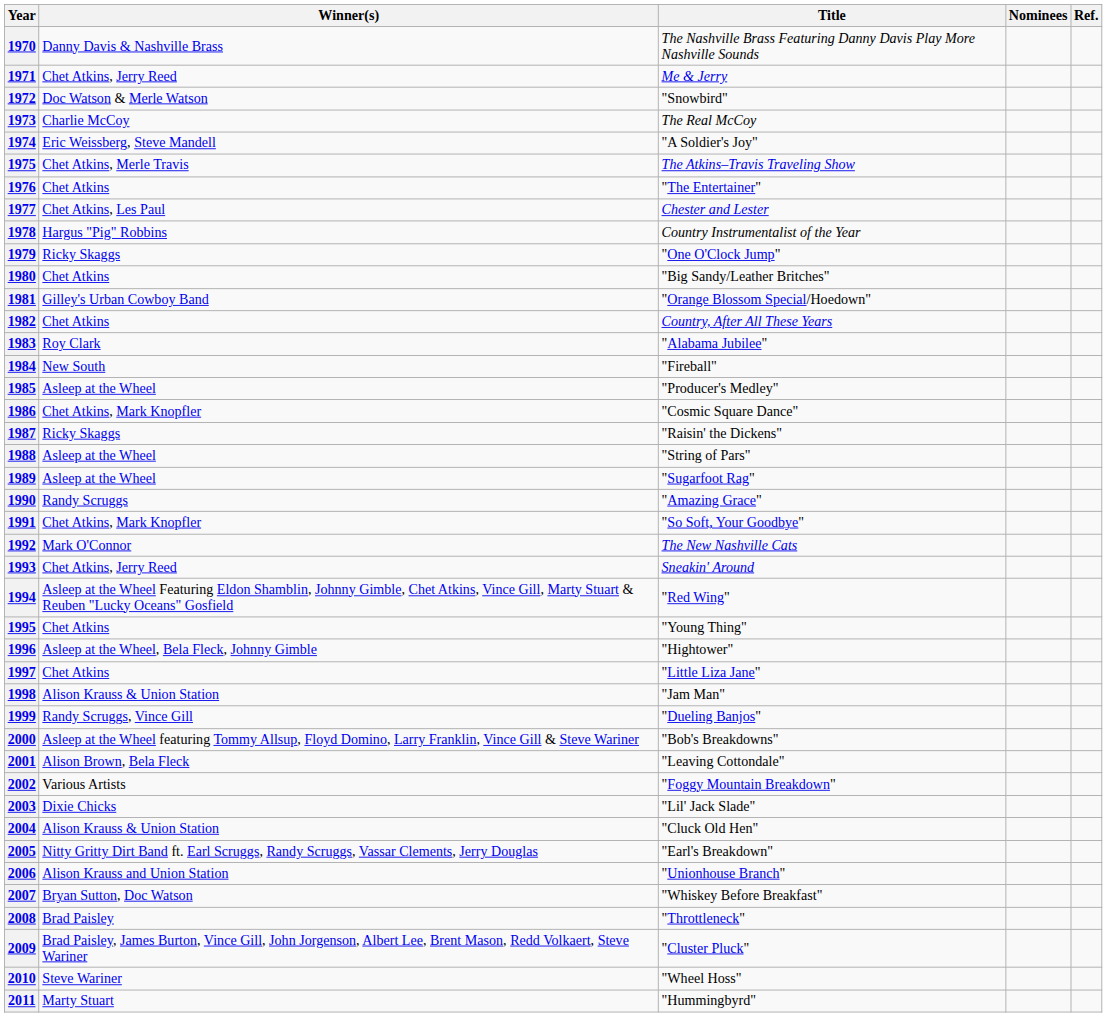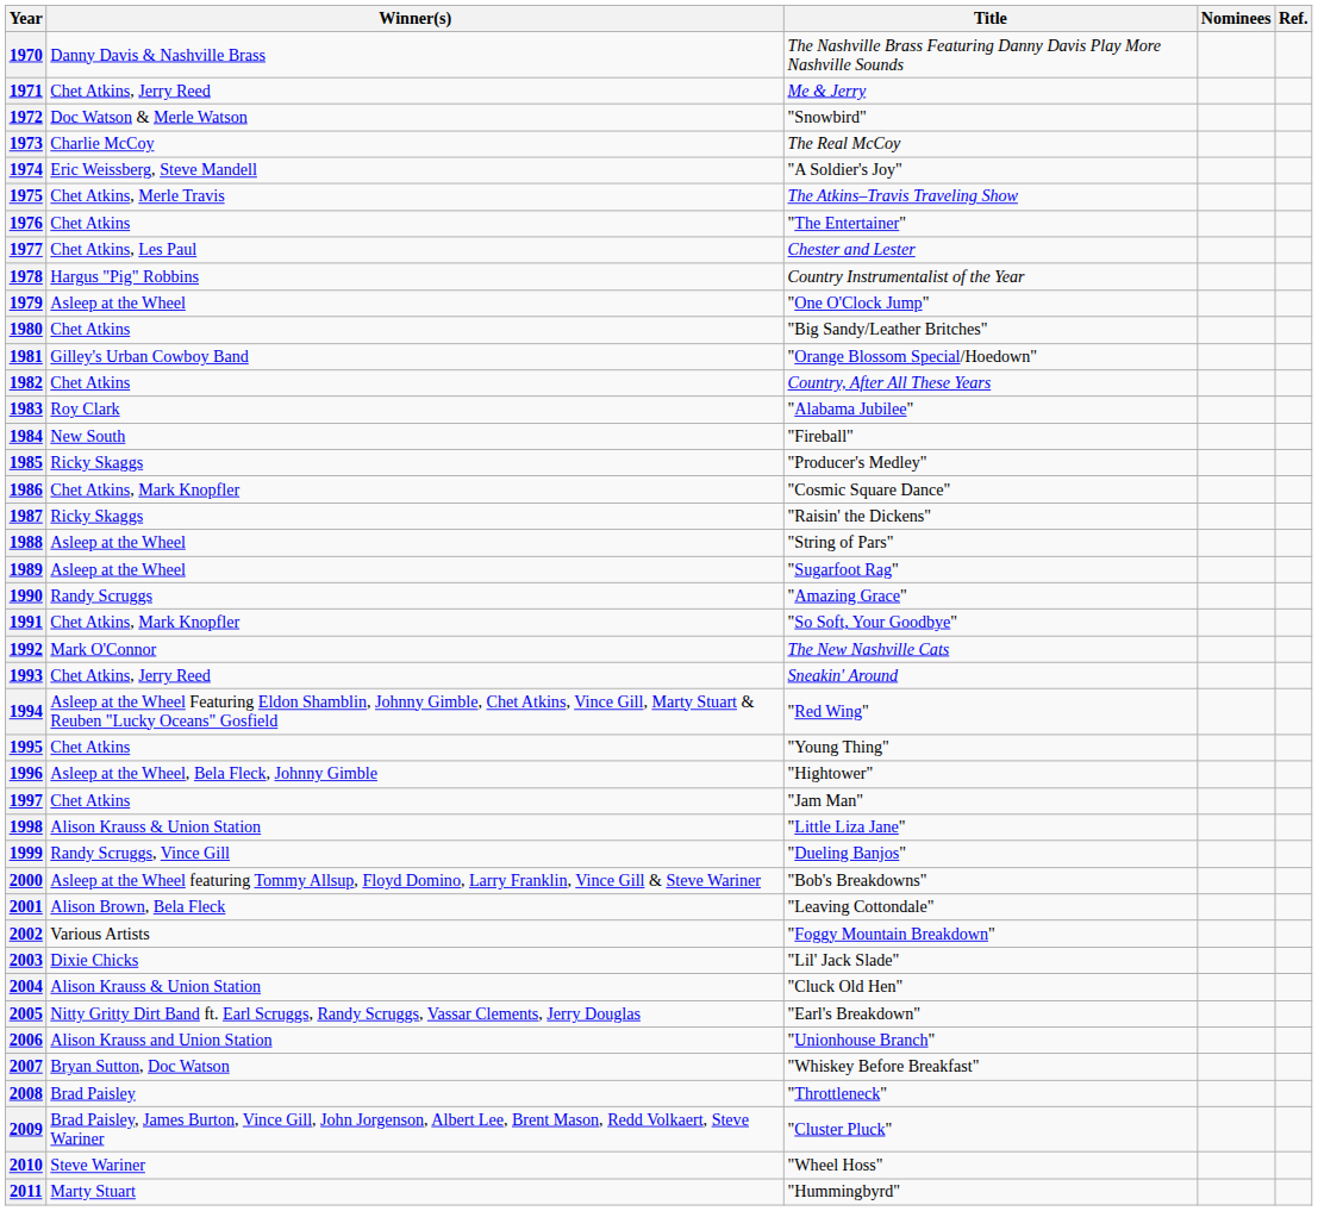 <table class="wikitable sortable">
 <tr>
 <th scope="col">Year</th>
 <th scope="col">Winner(s)</th>
 <th scope="col">Title</th>
 <th scope="col" class="unsortable">Nominees</th>
 <th scope="col" class="unsortable">Ref.</th>
 </tr>
 <tr>
 <th scope="row" align="center"><a href='#'>1970</a></th>
 <td><a href='#'>Danny Davis & Nashville Brass</a></td>
 <td><em>The Nashville Brass Featuring Danny Davis Play More Nashville Sounds</em></td>
 <td></td>
 <td align="center"></td>
 </tr>
 <tr>
 <th scope="row" align="center"><a href='#'>1971</a></th>
 <td><a href='#'>Chet Atkins</a>, <a href='#'>Jerry Reed</a></td>
 <td><em><a href='#'>Me & Jerry</a></em></td>
 <td></td>
 <td align="center"></td>
 </tr>
 <tr>
 <th scope="row" align="center"><a href='#'>1972</a></th>
 <td><a href='#'>Doc Watson</a> & <a href='#'>Merle Watson</a></td>
 <td>"Snowbird"</td>
 <td></td>
 <td align="center"></td>
 </tr>
 <tr>
 <th scope="row" align="center"><a href='#'>1973</a></th>
 <td><a href='#'>Charlie McCoy</a></td>
 <td><em>The Real McCoy</em></td>
 <td></td>
 <td align="center"></td>
 </tr>
 <tr>
 <th scope="row" align="center"><a href='#'>1974</a></th>
 <td><a href='#'>Eric Weissberg</a>, <a href='#'>Steve Mandell</a></td>
 <td>"A Soldier's Joy"</td>
 <td></td>
 <td align="center"></td>
 </tr>
 <tr>
 <th scope="row" align="center"><a href='#'>1975</a></th>
 <td><a href='#'>Chet Atkins</a>, <a href='#'>Merle Travis</a></td>
 <td><em><a href='#'>The Atkins–Travis Traveling Show</a></em></td>
 <td></td>
 <td align="center"></td>
 </tr>
 <tr>
 <th scope="row" align="center"><a href='#'>1976</a></th>
 <td><a href='#'>Chet Atkins</a></td>
 <td>"<a href='#'>The Entertainer</a>"</td>
 <td></td>
 <td align="center"></td>
 </tr>
 <tr>
 <th scope="row" align="center"><a href='#'>1977</a></th>
 <td><a href='#'>Chet Atkins</a>, <a href='#'>Les Paul</a></td>
 <td><em><a href='#'>Chester and Lester</a></em></td>
 <td></td>
 <td align="center"></td>
 </tr>
 <tr>
 <th scope="row" align="center"><a href='#'>1978</a></th>
 <td><a href='#'>Hargus "Pig" Robbins</a></td>
 <td><em>Country Instrumentalist of the Year</em></td>
 <td></td>
 <td align="center"></td>
 </tr>
 <tr>
 <th scope="row" align="center"><a href='#'>1979</a></th>
-<td><a href='#'>Ricky Skaggs</a></td>
+<td><a href='#'>Asleep at the Wheel</a></td>
 <td>"<a href='#'>One O'Clock Jump</a>"</td>
 <td></td>
 <td align="center"></td>
 </tr>
 <tr>
 <th scope="row" align="center"><a href='#'>1980</a></th>
 <td><a href='#'>Chet Atkins</a></td>
 <td>"Big Sandy/Leather Britches"</td>
 <td></td>
 <td align="center"></td>
 </tr>
 <tr>
 <th scope="row" align="center"><a href='#'>1981</a></th>
 <td><a href='#'>Gilley's Urban Cowboy Band</a></td>
 <td>"<a href='#'>Orange Blossom Special</a>/Hoedown"</td>
 <td></td>
 <td align="center"></td>
 </tr>
 <tr>
 <th scope="row" align="center"><a href='#'>1982</a></th>
 <td><a href='#'>Chet Atkins</a></td>
 <td><em><a href='#'>Country, After All These Years</a></em></td>
 <td></td>
 <td align="center"></td>
 </tr>
 <tr>
 <th scope="row" align="center"><a href='#'>1983</a></th>
 <td><a href='#'>Roy Clark</a></td>
 <td>"<a href='#'>Alabama Jubilee</a>"</td>
 <td></td>
 <td align="center"></td>
 </tr>
 <tr>
 <th scope="row" align="center"><a href='#'>1984</a></th>
 <td><a href='#'>New South</a></td>
 <td>"Fireball"</td>
 <td></td>
 <td align="center"></td>
 </tr>
 <tr>
 <th scope="row" align="center"><a href='#'>1985</a></th>
-<td><a href='#'>Asleep at the Wheel</a></td>
+<td><a href='#'>Ricky Skaggs</a></td>
 <td>"Producer's Medley"</td>
 <td></td>
 <td align="center"></td>
 </tr>
 <tr>
 <th scope="row" align="center"><a href='#'>1986</a></th>
 <td><a href='#'>Chet Atkins</a>, <a href='#'>Mark Knopfler</a></td>
 <td>"Cosmic Square Dance"</td>
 <td></td>
 <td align="center"></td>
 </tr>
 <tr>
 <th scope="row" align="center"><a href='#'>1987</a></th>
 <td><a href='#'>Ricky Skaggs</a></td>
 <td>"Raisin' the Dickens"</td>
 <td></td>
 <td align="center"></td>
 </tr>
 <tr>
 <th scope="row" align="center"><a href='#'>1988</a></th>
 <td><a href='#'>Asleep at the Wheel</a></td>
 <td>"String of Pars"</td>
 <td></td>
 <td align="center"></td>
 </tr>
 <tr>
 <th scope="row" align="center"><a href='#'>1989</a></th>
 <td><a href='#'>Asleep at the Wheel</a></td>
 <td>"<a href='#'>Sugarfoot Rag</a>"</td>
 <td></td>
 <td align="center"></td>
 </tr>
 <tr>
 <th scope="row" align="center"><a href='#'>1990</a></th>
 <td><a href='#'>Randy Scruggs</a></td>
 <td>"<a href='#'>Amazing Grace</a>"</td>
 <td></td>
 <td align="center"></td>
 </tr>
 <tr>
 <th scope="row" align="center"><a href='#'>1991</a></th>
 <td><a href='#'>Chet Atkins</a>, <a href='#'>Mark Knopfler</a></td>
 <td>"<a href='#'>So Soft, Your Goodbye</a>"</td>
 <td></td>
 <td align="center"></td>
 </tr>
 <tr>
 <th scope="row" align="center"><a href='#'>1992</a></th>
 <td><a href='#'>Mark O'Connor</a></td>
 <td><em><a href='#'>The New Nashville Cats</a></em></td>
 <td></td>
 <td align="center"></td>
 </tr>
 <tr>
 <th scope="row" align="center"><a href='#'>1993</a></th>
 <td><a href='#'>Chet Atkins</a>, <a href='#'>Jerry Reed</a></td>
 <td><em><a href='#'>Sneakin' Around</a></em></td>
 <td></td>
 <td align="center"></td>
 </tr>
 <tr>
 <th scope="row" align="center"><a href='#'>1994</a></th>
 <td><a href='#'>Asleep at the Wheel</a> Featuring <a href='#'>Eldon Shamblin</a>, <a href='#'>Johnny Gimble</a>, <a href='#'>Chet Atkins</a>, <a href='#'>Vince Gill</a>, <a href='#'>Marty Stuart</a> & <a href='#'>Reuben "Lucky Oceans" Gosfield</a></td>
 <td>"<a href='#'>Red Wing</a>"</td>
 <td></td>
 <td align="center"></td>
 </tr>
 <tr>
 <th scope="row" align="center"><a href='#'>1995</a></th>
 <td><a href='#'>Chet Atkins</a></td>
 <td>"Young Thing"</td>
 <td></td>
 <td align="center"></td>
 </tr>
 <tr>
 <th scope="row" align="center"><a href='#'>1996</a></th>
 <td><a href='#'>Asleep at the Wheel</a>, <a href='#'>Bela Fleck</a>, <a href='#'>Johnny Gimble</a></td>
 <td>"Hightower"</td>
 <td></td>
 <td align="center"></td>
 </tr>
 <tr>
 <th scope="row" align="center"><a href='#'>1997</a></th>
 <td><a href='#'>Chet Atkins</a></td>
-<td>"<a href='#'>Little Liza Jane</a>"</td>
+<td>"Jam Man"</td>
 <td></td>
 <td align="center"></td>
 </tr>
 <tr>
 <th scope="row" align="center"><a href='#'>1998</a></th>
 <td><a href='#'>Alison Krauss & Union Station</a></td>
-<td>"Jam Man"</td>
+<td>"<a href='#'>Little Liza Jane</a>"</td>
 <td></td>
 <td align="center"></td>
 </tr>
 <tr>
 <th scope="row" align="center"><a href='#'>1999</a></th>
 <td><a href='#'>Randy Scruggs</a>, <a href='#'>Vince Gill</a></td>
 <td>"<a href='#'>Dueling Banjos</a>"</td>
 <td></td>
 <td align="center"></td>
 </tr>
 <tr>
 <th scope="row" align="center"><a href='#'>2000</a></th>
 <td><a href='#'>Asleep at the Wheel</a> featuring <a href='#'>Tommy Allsup</a>, <a href='#'>Floyd Domino</a>, <a href='#'>Larry Franklin</a>, <a href='#'>Vince Gill</a> & <a href='#'>Steve Wariner</a></td>
 <td>"Bob's Breakdowns"</td>
 <td></td>
 <td align="center"></td>
 </tr>
 <tr>
 <th scope="row" align="center"><a href='#'>2001</a></th>
 <td><a href='#'>Alison Brown</a>, <a href='#'>Bela Fleck</a></td>
 <td>"Leaving Cottondale"</td>
 <td></td>
 <td align="center"></td>
 </tr>
 <tr>
 <th scope="row" align="center"><a href='#'>2002</a></th>
 <td>Various Artists</td>
 <td>"<a href='#'>Foggy Mountain Breakdown</a>"</td>
 <td></td>
 <td align="center"></td>
 </tr>
 <tr>
 <th scope="row" align="center"><a href='#'>2003</a></th>
 <td><a href='#'>Dixie Chicks</a></td>
 <td>"Lil' Jack Slade"</td>
 <td></td>
 <td align="center"></td>
 </tr>
 <tr>
 <th scope="row" align="center"><a href='#'>2004</a></th>
 <td><a href='#'>Alison Krauss & Union Station</a></td>
 <td>"Cluck Old Hen"</td>
 <td></td>
 <td align="center"></td>
 </tr>
 <tr>
 <th scope="row" align="center"><a href='#'>2005</a></th>
 <td><a href='#'>Nitty Gritty Dirt Band</a> ft. <a href='#'>Earl Scruggs</a>, <a href='#'>Randy Scruggs</a>, <a href='#'>Vassar Clements</a>, <a href='#'>Jerry Douglas</a></td>
 <td>"Earl's Breakdown"</td>
 <td></td>
 <td align="center"></td>
 </tr>
 <tr>
 <th scope="row" align="center"><a href='#'>2006</a></th>
 <td><a href='#'>Alison Krauss and Union Station</a></td>
 <td>"<a href='#'>Unionhouse Branch</a>"</td>
 <td></td>
 <td align="center"></td>
 </tr>
 <tr>
 <th scope="row" align="center"><a href='#'>2007</a></th>
 <td><a href='#'>Bryan Sutton</a>, <a href='#'>Doc Watson</a></td>
 <td>"Whiskey Before Breakfast"</td>
 <td></td>
 <td align="center"></td>
 </tr>
 <tr>
 <th scope="row" align="center"><a href='#'>2008</a></th>
 <td><a href='#'>Brad Paisley</a></td>
 <td>"<a href='#'>Throttleneck</a>"</td>
 <td></td>
 <td align="center"></td>
 </tr>
 <tr>
 <th scope="row" align="center"><a href='#'>2009</a></th>
 <td><a href='#'>Brad Paisley</a>, <a href='#'>James Burton</a>, <a href='#'>Vince Gill</a>, <a href='#'>John Jorgenson</a>, <a href='#'>Albert Lee</a>, <a href='#'>Brent Mason</a>, <a href='#'>Redd Volkaert</a>, <a href='#'>Steve Wariner</a></td>
 <td>"<a href='#'>Cluster Pluck</a>"</td>
 <td></td>
 <td align="center"></td>
 </tr>
 <tr>
 <th scope="row" align="center"><a href='#'>2010</a></th>
 <td><a href='#'>Steve Wariner</a></td>
 <td>"Wheel Hoss"</td>
 <td></td>
 <td align="center"></td>
 </tr>
 <tr>
 <th scope="row" align="center"><a href='#'>2011</a></th>
 <td><a href='#'>Marty Stuart</a></td>
 <td>"Hummingbyrd"</td>
 <td></td>
 <td align="center"></td>
 </tr>
 </table>
